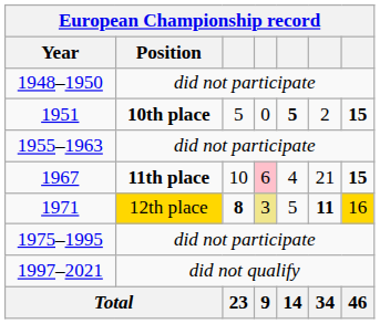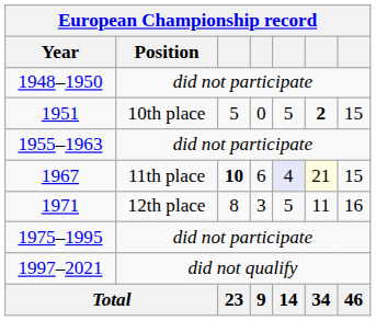 <table class="wikitable" width=45% style="text-align: center;font-size:90%;">
 <tr>
 <th colspan=7><a href='#'>European Championship record</a></th>
 </tr>
 <tr>
 <th>Year</th>
 <th>Position</th>
 <th></th>
 <th></th>
 <th></th>
 <th></th>
 <th></th>
 </tr>
 <tr>
 <td><a href='#'>1948</a>–<a href='#'>1950</a></td>
 <td colspan=7 align=center><em>did not participate</em></td>
 </tr>
 <tr>
 <td>  <a href='#'>1951</a></td>
-<td><strong>10th place</strong></td>
+<td>10th place</td>
 <td>5</td>
 <td>0</td>
-<td><strong>5</strong></td>
-<td>2</td>
-<td><strong>15</strong></td>
+<td>5</td>
+<td><strong>2</strong></td>
+<td>15</td>
 </tr>
 <tr>
 <td><a href='#'>1955</a>–<a href='#'>1963</a></td>
 <td colspan=7 align=center><em>did not participate</em></td>
 </tr>
 <tr>
 <td>  <a href='#'>1967</a></td>
-<td><strong>11th place</strong></td>
-<td>10</td>
-<td style="background: pink;">6</td>
-<td>4</td>
-<td>21</td>
-<td><strong>15</strong></td>
+<td>11th place</td>
+<td><strong>10</strong></td>
+<td>6</td>
+<td style="background: lavender;">4</td>
+<td style="background: lightyellow;">21</td>
+<td>15</td>
 </tr>
 <tr>
 <td>  <a href='#'>1971</a></td>
-<td style="background: gold;">12th place</td>
-<td><strong>8</strong></td>
-<td style="background: khaki;">3</td>
+<td>12th place</td>
+<td>8</td>
+<td>3</td>
 <td>5</td>
-<td><strong>11</strong></td>
-<td style="background: gold;">16</td>
+<td>11</td>
+<td>16</td>
 </tr>
 <tr>
 <td><a href='#'>1975</a>–<a href='#'>1995</a></td>
 <td colspan=7 align=center><em>did not participate</em></td>
 </tr>
 <tr>
 <td><a href='#'>1997</a>–<a href='#'>2021</a></td>
 <td colspan=7 align=center><em>did not qualify</em></td>
 </tr>
 <tr>
 <th colspan=2 align=center><em>Total</em></th>
 <th>23</th>
 <th>9</th>
 <th>14</th>
 <th>34</th>
 <th>46</th>
 </tr>
 </table>
